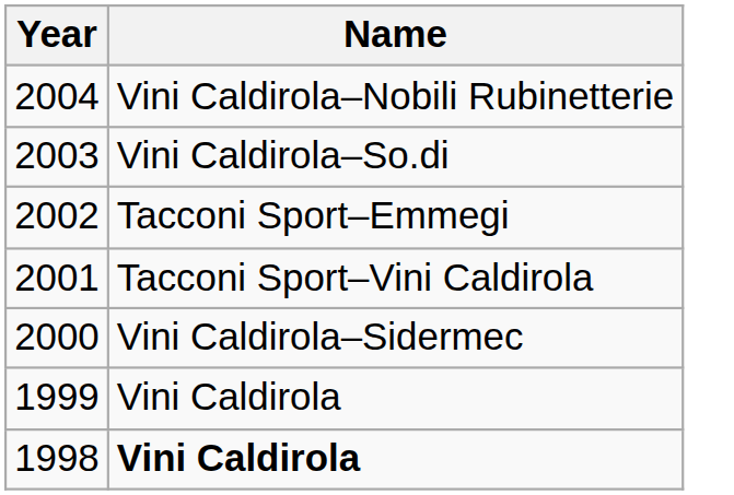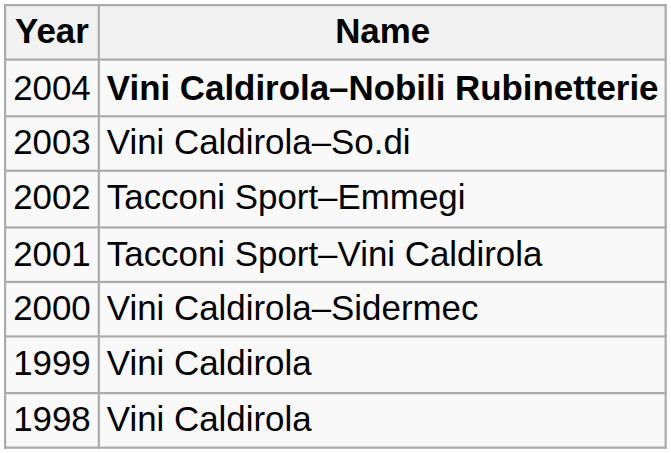 <table class=wikitable>
 <tr>
 <th>Year</th>
 <th>Name</th>
 </tr>
 <tr>
 <td>2004</td>
-<td>Vini Caldirola–Nobili Rubinetterie</td>
+<td><strong>Vini Caldirola–Nobili Rubinetterie</strong></td>
 </tr>
 <tr>
 <td>2003</td>
 <td>Vini Caldirola–So.di</td>
 </tr>
 <tr>
 <td>2002</td>
 <td>Tacconi Sport–Emmegi</td>
 </tr>
 <tr>
 <td>2001</td>
 <td>Tacconi Sport–Vini Caldirola</td>
 </tr>
 <tr>
 <td>2000</td>
 <td>Vini Caldirola–Sidermec</td>
 </tr>
 <tr>
 <td>1999</td>
 <td>Vini Caldirola</td>
 </tr>
 <tr>
 <td>1998</td>
-<td><strong>Vini Caldirola</strong></td>
+<td>Vini Caldirola</td>
 </tr>
 </table>
